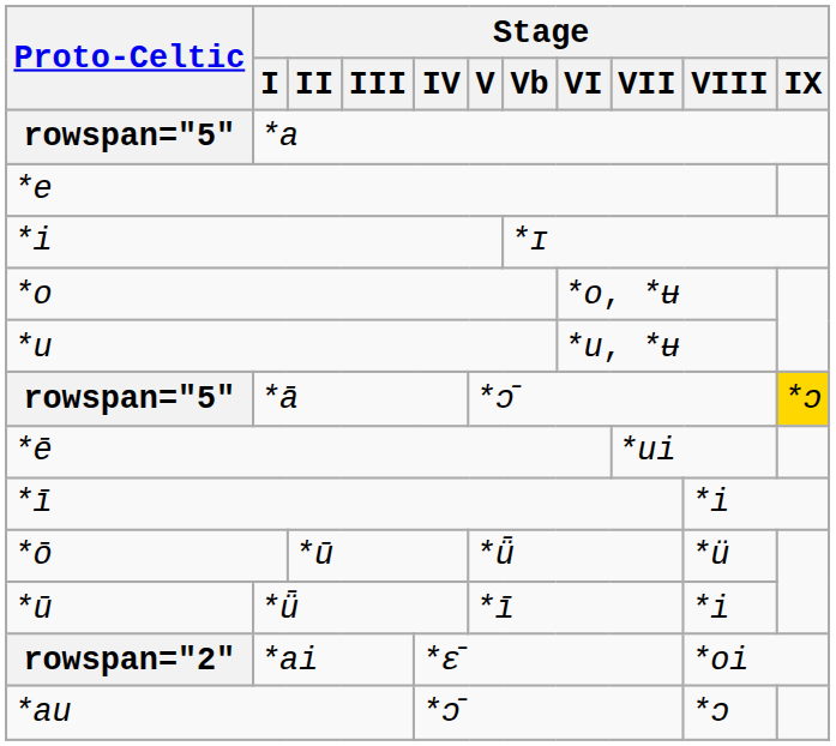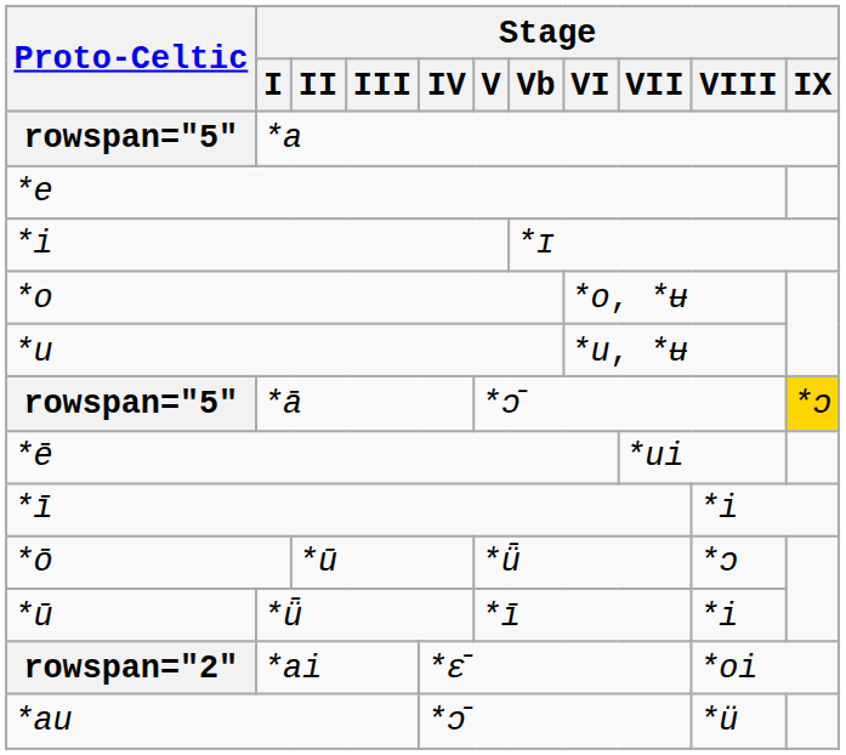 <table class="wikitable">
 <tr>
 <th rowspan="2"><a href='#'>Proto-Celtic</a></th>
 <th colspan="10">Stage</th>
 </tr>
 <tr>
 <th>I</th>
 <th>II</th>
 <th>III</th>
 <th>IV</th>
 <th>V</th>
 <th>Vb</th>
 <th>VI</th>
 <th>VII</th>
 <th>VIII</th>
 <th>IX</th>
 </tr>
 <tr>
 <th>rowspan="5" </th>
 <td colspan="10"><em>*a</em></td>
 </tr>
 <tr>
 <td colspan="10"><em>*e</em></td>
 </tr>
 <tr>
 <td colspan="6"><em>*i</em></td>
 <td colspan="5"><em>*ɪ</em></td>
 </tr>
 <tr>
 <td colspan="7"><em>*o</em></td>
 <td colspan="3"><em>*o</em>, <em>*ʉ</em></td>
 </tr>
 <tr>
 <td colspan="7"><em>*u</em></td>
 <td colspan="3"><em>*u</em>, <em>*ʉ</em></td>
 </tr>
 <tr>
 <th>rowspan="5" </th>
 <td colspan="4"><em>*ā</em></td>
 <td colspan="5"><em>*ɔ̄</em></td>
 <td style="background: gold;"><em>*ɔ</em></td>
 </tr>
 <tr>
 <td colspan="8"><em>*ē</em></td>
 <td colspan="2"><em>*ui</em></td>
 </tr>
 <tr>
 <td colspan="9"><em>*ī</em></td>
 <td colspan="2"><em>*i</em></td>
 </tr>
 <tr>
 <td colspan="2"><em>*ō</em></td>
 <td colspan="3"><em>*ū</em></td>
 <td colspan="4"><em>*ǖ</em></td>
-<td><em>*ü</em></td>
+<td><em>*ɔ</em></td>
 </tr>
 <tr>
 <td><em>*ū</em></td>
 <td colspan="4"><em>*ǖ</em></td>
 <td colspan="4"><em>*ī</em></td>
 <td><em>*i</em></td>
 </tr>
 <tr>
 <th>rowspan="2" </th>
 <td colspan="3"><em>*ai</em></td>
 <td colspan="5"><em>*ɛ̄</em></td>
 <td colspan="2"><em>*oi</em></td>
 </tr>
 <tr>
 <td colspan="4"><em>*au</em></td>
 <td colspan="5"><em>*ɔ̄</em></td>
-<td><em>*ɔ</em></td>
+<td><em>*ü</em></td>
 </tr>
 </table>
